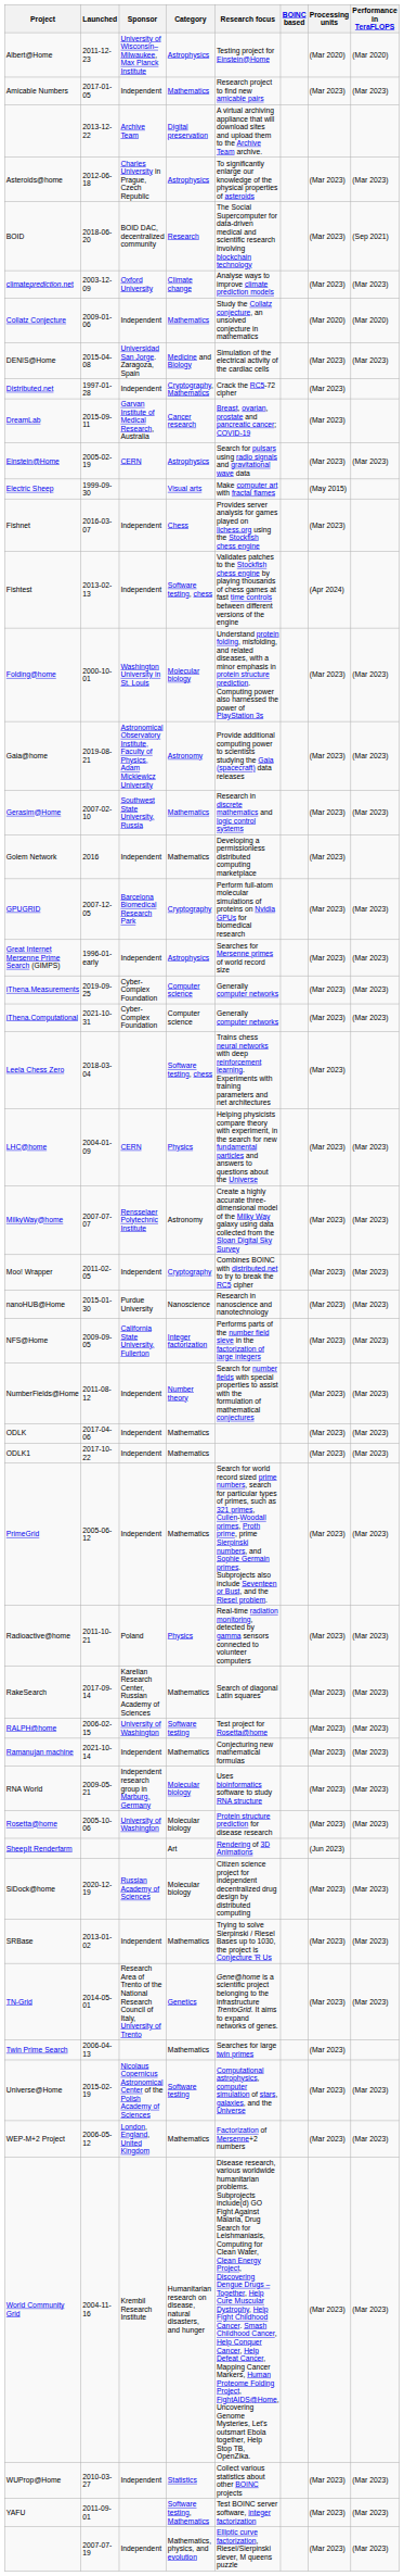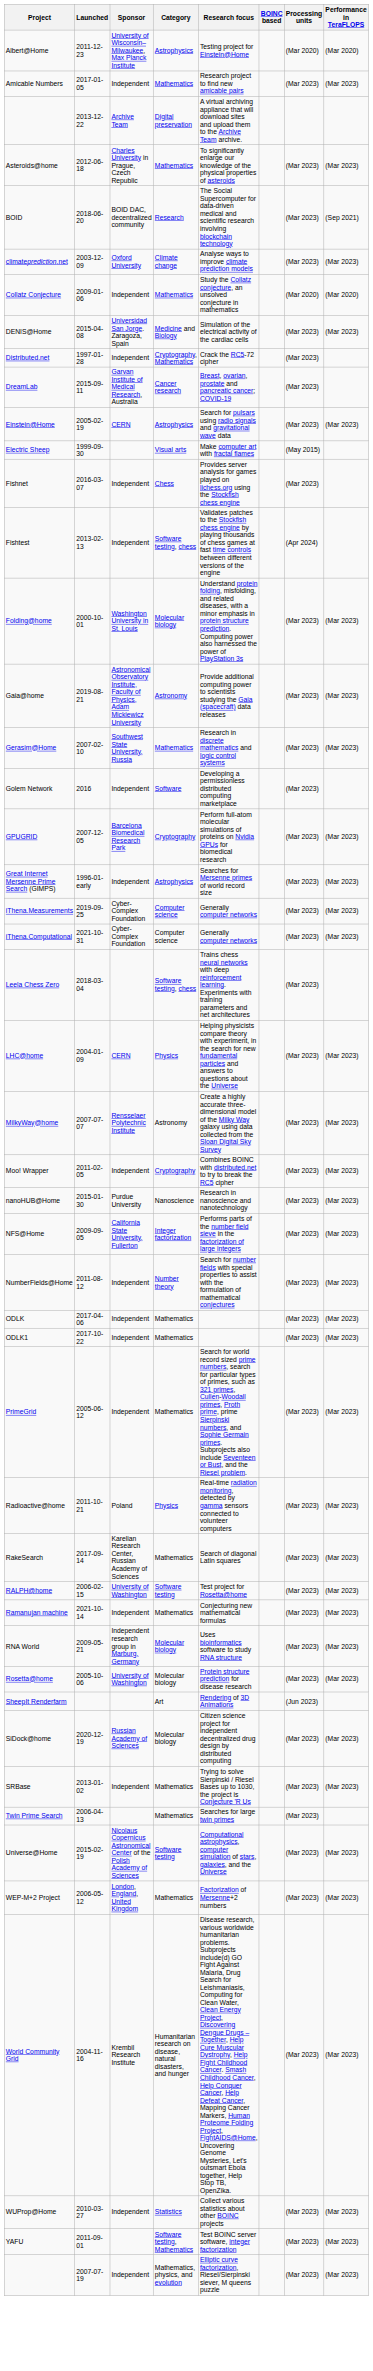 <table class="wikitable sortable" style="font-size: 90%; width: auto;">
 <tr>
 <th>Project</th>
 <th>Launched</th>
 <th>Sponsor</th>
 <th>Category</th>
 <th>Research focus</th>
 <th><a href='#'>BOINC</a> based</th>
 <th>Processing units</th>
 <th>Performance in <a href='#'>TeraFLOPS</a></th>
 </tr>
 <tr>
 <td>Albert@Home</td>
 <td>2011-12-23</td>
 <td><a href='#'>University of Wisconsin–Milwaukee</a>, <a href='#'>Max Planck Institute</a></td>
 <td><a href='#'>Astrophysics</a></td>
 <td>Testing project for <a href='#'>Einstein@Home</a></td>
 <td></td>
 <td> (Mar 2020)</td>
 <td> (Mar 2020)</td>
 </tr>
 <tr>
 <td>Amicable Numbers</td>
 <td>2017-01-05</td>
 <td>Independent</td>
 <td><a href='#'>Mathematics</a></td>
 <td find new amicable pairs>Research project to find new <a href='#'>amicable pairs</a></td>
 <td></td>
 <td> (Mar 2023)</td>
 <td> (Mar 2023)</td>
 </tr>
 <tr>
 <td></td>
 <td>2013-12-22</td>
 <td><a href='#'>Archive Team</a></td>
 <td><a href='#'>Digital preservation</a></td>
 <td>A virtual archiving appliance that will download sites and upload them to the <a href='#'>Archive Team</a> archive.</td>
 <td></td>
 <td></td>
 <td></td>
 </tr>
 <tr>
 <td>Asteroids@home</td>
 <td>2012-06-18</td>
 <td><a href='#'>Charles University</a> in Prague, Czech Republic</td>
-<td><a href='#'>Astrophysics</a></td>
+<td><a href='#'>Mathematics</a></td>
 <td>To significantly enlarge our knowledge of the physical properties of <a href='#'>asteroids</a></td>
 <td></td>
 <td> (Mar 2023)</td>
 <td> (Mar 2023)</td>
 </tr>
 <tr>
 <td>BOID</td>
 <td>2018-06-20</td>
 <td>BOID DAC, decentralized community</td>
 <td><a href='#'>Research</a></td>
 <td>The Social Supercomputer for data-driven medical and scientific research involving <a href='#'>blockchain technology</a></td>
 <td></td>
 <td> (Mar 2023)</td>
 <td> (Sep 2021)</td>
 </tr>
 <tr>
 <td><a href='#'>climate<em>prediction</em>.net</a></td>
 <td>2003-12-09</td>
 <td><a href='#'>Oxford University</a></td>
 <td><a href='#'>Climate change</a></td>
 <td>Analyse ways to improve <a href='#'>climate prediction models</a></td>
 <td></td>
 <td> (Mar 2023)</td>
 <td> (Mar 2023)</td>
 </tr>
 <tr>
 <td><a href='#'>Collatz Conjecture</a></td>
 <td>2009-01-06</td>
 <td>Independent</td>
 <td><a href='#'>Mathematics</a></td>
 <td>Study the <a href='#'>Collatz conjecture</a>, an unsolved conjecture in mathematics</td>
 <td></td>
 <td> (Mar 2020)</td>
 <td> (Mar 2020)</td>
 </tr>
 <tr>
 <td>DENIS@Home</td>
 <td>2015-04-08</td>
 <td><a href='#'>Universidad San Jorge</a>. Zaragoza, Spain</td>
 <td><a href='#'>Medicine</a> and <a href='#'>Biology</a></td>
 <td>Simulation of the electrical activity of the cardiac cells</td>
 <td></td>
 <td> (Mar 2023)</td>
 <td> (Mar 2023)</td>
 </tr>
 <tr>
 <td><a href='#'>Distributed.net</a></td>
 <td>1997-01-28</td>
 <td>Independent</td>
 <td><a href='#'>Cryptography</a>, <a href='#'>Mathematics</a></td>
 <td>Crack the <a href='#'>RC5</a>-72 cipher</td>
 <td></td>
 <td> (Mar 2023)</td>
 <td></td>
 </tr>
 <tr>
 <td><a href='#'>DreamLab</a></td>
 <td>2015-09-11</td>
 <td><a href='#'>Garvan Institute of Medical Research</a>, Australia</td>
 <td><a href='#'>Cancer research</a></td>
 <td><a href='#'>Breast</a>, <a href='#'>ovarian</a>, <a href='#'>prostate</a> and <a href='#'>pancreatic cancer</a>; <a href='#'>COVID-19</a></td>
 <td></td>
 <td> (Mar 2023)</td>
 <td></td>
 </tr>
 <tr>
 <td><a href='#'>Einstein@Home</a></td>
 <td>2005-02-19</td>
 <td><a href='#'>CERN</a></td>
 <td><a href='#'>Astrophysics</a></td>
 <td>Search for <a href='#'>pulsars</a> using <a href='#'>radio signals</a> and <a href='#'>gravitational wave</a> data</td>
 <td></td>
 <td> (Mar 2023)</td>
 <td> (Mar 2023)</td>
 </tr>
 <tr>
 <td><a href='#'>Electric Sheep</a></td>
 <td>1999-09-30</td>
 <td></td>
 <td><a href='#'>Visual arts</a></td>
 <td>Make <a href='#'>computer art</a> with <a href='#'>fractal flames</a></td>
 <td></td>
 <td> (May 2015)</td>
 <td></td>
 </tr>
 <tr>
 <td>Fishnet</td>
 <td>2016-03-07</td>
 <td>Independent</td>
 <td><a href='#'>Chess</a></td>
 <td>Provides server analysis for games played on <a href='#'>lichess.org</a> using the <a href='#'>Stockfish chess engine</a></td>
 <td></td>
 <td> (Mar 2023)</td>
 <td></td>
 </tr>
 <tr>
 <td>Fishtest</td>
 <td>2013-02-13</td>
 <td>Independent</td>
 <td><a href='#'>Software testing</a>, <a href='#'>chess</a></td>
 <td>Validates patches to the <a href='#'>Stockfish chess engine</a> by playing thousands of chess games at fast <a href='#'>time controls</a> between different versions of the engine</td>
 <td></td>
 <td> (Apr 2024)</td>
 <td></td>
 </tr>
 <tr>
 <td><a href='#'>Folding@home</a></td>
 <td>2000-10-01</td>
 <td><a href='#'>Washington University in St. Louis</a></td>
 <td><a href='#'>Molecular biology</a></td>
 <td>Understand <a href='#'>protein folding</a>, misfolding, and related diseases, with a minor emphasis in <a href='#'>protein structure prediction</a>. Computing power also harnessed the power of <a href='#'>PlayStation 3s</a></td>
 <td></td>
 <td> (Mar 2023)</td>
 <td> (Mar 2023)</td>
 </tr>
 <tr>
 <td>Gaia@home</td>
 <td>2019-08-21</td>
 <td><a href='#'>Astronomical Observatory Institute, Faculty of Physics, Adam Mickiewicz University</a></td>
 <td><a href='#'>Astronomy</a></td>
 <td Provide additional computing power>Provide additional computing power to scientists studying the <a href='#'>Gaia (spacecraft)</a> data releases</td>
 <td></td>
 <td> (Mar 2023)</td>
 <td> (Mar 2023)</td>
 </tr>
 <tr>
 <td><a href='#'>Gerasim@Home</a></td>
 <td>2007-02-10</td>
 <td><a href='#'>Southwest State University, Russia</a></td>
 <td><a href='#'>Mathematics</a></td>
 <td>Research in <a href='#'>discrete mathematics</a> and <a href='#'>logic control systems</a></td>
 <td></td>
 <td> (Mar 2023)</td>
 <td> (Mar 2023)</td>
 </tr>
 <tr>
 <td>Golem Network</td>
 <td>2016</td>
 <td>Independent</td>
-<td>Mathematics</td>
+<td><a href='#'>Software</a></td>
 <td>Developing a permissionless distributed computing marketplace</td>
 <td></td>
 <td> (Mar 2023)</td>
 <td></td>
 </tr>
 <tr>
 <td><a href='#'>GPUGRID</a></td>
 <td>2007-12-05</td>
 <td><a href='#'>Barcelona Biomedical Research Park</a></td>
 <td><a href='#'>Cryptography</a></td>
 <td>Perform full-atom molecular simulations of proteins on <a href='#'>Nvidia</a> <a href='#'>GPUs</a> for biomedical research</td>
 <td></td>
 <td> (Mar 2023)</td>
 <td> (Mar 2023)</td>
 </tr>
 <tr>
 <td><a href='#'>Great Internet Mersenne Prime Search</a> (GIMPS)</td>
 <td>1996-01-early</td>
 <td>Independent</td>
 <td><a href='#'>Astrophysics</a></td>
 <td>Searches for <a href='#'>Mersenne primes</a> of world record size</td>
 <td></td>
 <td> (Mar 2023)</td>
 <td> (Mar 2023)</td>
 </tr>
 <tr>
 <td><a href='#'>iThena.Measurements</a></td>
 <td>2019-09-25</td>
 <td>Cyber-Complex Foundation</td>
 <td><a href='#'>Computer science</a></td>
 <td>Generally <a href='#'>computer networks</a></td>
 <td></td>
 <td> (Mar 2023)</td>
 <td> (Mar 2023)</td>
 </tr>
 <tr>
 <td><a href='#'>iThena.Computational</a></td>
 <td>2021-10-31</td>
 <td>Cyber-Complex Foundation</td>
 <td>Computer science</td>
 <td>Generally <a href='#'>computer networks</a></td>
 <td></td>
 <td> (Mar 2023)</td>
 <td> (Mar 2023)</td>
 </tr>
 <tr>
 <td><a href='#'>Leela Chess Zero</a></td>
 <td>2018-03-04</td>
 <td></td>
 <td><a href='#'>Software testing</a>, <a href='#'>chess</a></td>
 <td>Trains chess <a href='#'>neural networks</a> with deep <a href='#'>reinforcement learning</a>. Experiments with training parameters and net architectures</td>
 <td></td>
 <td> (Mar 2023)</td>
 <td></td>
 </tr>
 <tr>
 <td><a href='#'>LHC@home</a></td>
 <td>2004-01-09</td>
 <td><a href='#'>CERN</a></td>
 <td><a href='#'>Physics</a></td>
 <td>Helping physicists compare theory with experiment, in the search for new <a href='#'>fundamental particles</a> and answers to questions about the <a href='#'>Universe</a></td>
 <td></td>
 <td> (Mar 2023)</td>
 <td> (Mar 2023)</td>
 </tr>
 <tr>
 <td><a href='#'>MilkyWay@home</a></td>
 <td>2007-07-07</td>
 <td><a href='#'>Rensselaer Polytechnic Institute</a></td>
 <td>Astronomy</td>
 <td>Create a highly accurate three-dimensional model of the <a href='#'>Milky Way</a> galaxy using data collected from the <a href='#'>Sloan Digital Sky Survey</a></td>
 <td></td>
 <td> (Mar 2023)</td>
 <td> (Mar 2023)</td>
 </tr>
 <tr>
 <td>Moo! Wrapper</td>
 <td>2011-02-05</td>
 <td>Independent</td>
 <td><a href='#'>Cryptography</a></td>
 <td>Combines BOINC with <a href='#'>distributed.net</a> to try to break the <a href='#'>RC5</a> cipher</td>
 <td></td>
 <td> (Mar 2023)</td>
 <td> (Mar 2023)</td>
 </tr>
 <tr>
 <td>nanoHUB@Home</td>
 <td>2015-01-30</td>
 <td>Purdue University</td>
 <td>Nanoscience</td>
 <td Research in nanoscience and nanotechnology>Research in nanoscience and nanotechnology</td>
 <td></td>
 <td> (Mar 2023)</td>
 <td> (Mar 2023)</td>
 </tr>
 <tr>
 <td>NFS@Home</td>
 <td>2009-09-05</td>
 <td><a href='#'>California State University, Fullerton</a></td>
 <td><a href='#'>Integer factorization</a></td>
 <td>Performs parts of the <a href='#'>number field sieve</a> in the <a href='#'>factorization of large integers</a></td>
 <td></td>
 <td> (Mar 2023)</td>
 <td> (Mar 2023)</td>
 </tr>
 <tr>
 <td>NumberFields@Home</td>
 <td>2011-08-12</td>
 <td>Independent</td>
 <td><a href='#'>Number theory</a></td>
 <td>Search for <a href='#'>number fields</a> with special properties to assist with the formulation of mathematical <a href='#'>conjectures</a></td>
 <td></td>
 <td> (Mar 2023)</td>
 <td> (Mar 2023)</td>
 </tr>
 <tr>
 <td>ODLK</td>
 <td>2017-04-06</td>
 <td>Independent</td>
 <td>Mathematics</td>
 <td></td>
 <td></td>
 <td> (Mar 2023)</td>
 <td> (Mar 2023)</td>
 </tr>
 <tr>
 <td>ODLK1</td>
 <td>2017-10-22</td>
 <td>Independent</td>
 <td>Mathematics</td>
 <td></td>
 <td></td>
 <td> (Mar 2023)</td>
 <td> (Mar 2023)</td>
 </tr>
 <tr>
 <td><a href='#'>PrimeGrid</a></td>
 <td>2005-06-12</td>
 <td>Independent</td>
 <td>Mathematics</td>
 <td>Search for world record sized <a href='#'>prime numbers</a>, search for particular types of primes, such as <a href='#'>321 primes</a>, <a href='#'>Cullen</a>-<a href='#'>Woodall primes</a>, <a href='#'>Proth prime</a>, prime <a href='#'>Sierpinski numbers</a>, and <a href='#'>Sophie Germain primes</a>. Subprojects also include <a href='#'>Seventeen or Bust</a>, and the <a href='#'>Riesel problem</a>.</td>
 <td></td>
 <td> (Mar 2023)</td>
 <td> (Mar 2023)</td>
 </tr>
 <tr>
 <td>Radioactive@home</td>
 <td>2011-10-21</td>
 <td>Poland</td>
 <td><a href='#'>Physics</a></td>
 <td>Real-time <a href='#'>radiation monitoring</a>, detected by <a href='#'>gamma</a> sensors connected to volunteer computers</td>
 <td></td>
 <td> (Mar 2023)</td>
 <td> (Mar 2023)</td>
 </tr>
 <tr>
 <td>RakeSearch</td>
 <td>2017-09-14</td>
 <td>Karelian Research Center, Russian Academy of Sciences</td>
 <td>Mathematics</td>
 <td>Search of diagonal Latin squares</td>
 <td></td>
 <td> (Mar 2023)</td>
 <td> (Mar 2023)</td>
 </tr>
 <tr>
 <td><a href='#'>RALPH@home</a></td>
 <td>2006-02-15</td>
 <td><a href='#'>University of Washington</a></td>
 <td><a href='#'>Software testing</a></td>
 <td>Test project for <a href='#'>Rosetta@home</a></td>
 <td></td>
 <td> (Mar 2023)</td>
 <td> (Mar 2023)</td>
 </tr>
 <tr>
 <td><a href='#'>Ramanujan machine</a></td>
 <td>2021-10-14</td>
 <td>Independent</td>
 <td>Mathematics</td>
 <td>Conjecturing new mathematical formulas</td>
 <td></td>
 <td> (Mar 2023)</td>
 <td> (Mar 2023)</td>
 </tr>
 <tr>
 <td>RNA World</td>
 <td>2009-05-21</td>
 <td>Independent research group in <a href='#'>Marburg, Germany</a></td>
 <td><a href='#'>Molecular biology</a></td>
 <td>Uses <a href='#'>bioinformatics</a> software to study <a href='#'>RNA structure</a></td>
 <td></td>
 <td> (Mar 2023)</td>
 <td> (Mar 2023)</td>
 </tr>
 <tr>
 <td><a href='#'>Rosetta@home</a></td>
 <td>2005-10-06</td>
 <td><a href='#'>University of Washington</a></td>
 <td>Molecular biology</td>
 <td><a href='#'>Protein structure prediction</a> for disease research</td>
 <td></td>
 <td> (Mar 2023)</td>
 <td> (Mar 2023)</td>
 </tr>
 <tr>
 <td><a href='#'>SheepIt Renderfarm</a></td>
 <td></td>
 <td></td>
 <td>Art</td>
 <td><a href='#'>Rendering</a> of <a href='#'>3D Animations</a></td>
 <td></td>
 <td> (Jun 2023)</td>
 <td></td>
 </tr>
 <tr>
 <td>SiDock@home</td>
 <td>2020-12-19</td>
 <td><a href='#'>Russian Academy of Sciences</a></td>
 <td>Molecular biology</td>
 <td>Citizen science project for independent decentralized drug design by distributed computing</td>
 <td></td>
 <td> (Mar 2023)</td>
 <td> (Mar 2023)</td>
 </tr>
 <tr>
 <td>SRBase</td>
 <td>2013-01-02</td>
 <td>Independent</td>
 <td>Mathematics</td>
 <td Trying to solve Sierpinski / Riesel Bases up to 1030>Trying to solve Sierpinski / Riesel Bases up to 1030, the project is <a href='#'>Conjecture 'R Us</a></td>
 <td></td>
 <td> (Mar 2023)</td>
 <td> (Mar 2023)</td>
 </tr>
 <tr>
-<td><a href='#'>TN-Grid</a></td>
-<td>2014-05-01</td>
-<td>Research Area of Trento of the National Research Council of Italy, <a href='#'>University of Trento</a></td>
-<td><a href='#'>Genetics</a></td>
-<td><em>Gene@home</em> is a scientific project belonging to the infrastructure <em>TrentoGrid</em>. It aims to expand networks of genes.</td>
-<td></td>
-<td> (Mar 2023)</td>
-<td> (Mar 2023)</td>
-</tr>
-<tr>
 <td><a href='#'>Twin Prime Search</a></td>
 <td>2006-04-13</td>
 <td></td>
 <td>Mathematics</td>
 <td>Searches for large <a href='#'>twin primes</a></td>
 <td></td>
 <td> (Mar 2023)</td>
 <td></td>
 </tr>
 <tr>
 <td>Universe@Home</td>
 <td>2015-02-19</td>
 <td><a href='#'>Nicolaus Copernicus Astronomical Center</a> of the <a href='#'>Polish Academy of Sciences</a></td>
 <td><a href='#'>Software testing</a></td>
 <td><a href='#'>Computational astrophysics</a>, <a href='#'>computer simulation</a> of <a href='#'>stars</a>, <a href='#'>galaxies</a>, and the <a href='#'>Universe</a></td>
 <td></td>
 <td> (Mar 2023)</td>
 <td> (Mar 2023)</td>
 </tr>
 <tr>
 <td>WEP-M+2 Project</td>
 <td>2006-05-12</td>
 <td><a href='#'>London</a>, <a href='#'>England</a>, <a href='#'>United Kingdom</a></td>
 <td>Mathematics</td>
 <td><a href='#'>Factorization</a> of <a href='#'>Mersenne</a>+2 numbers</td>
 <td></td>
 <td> (Mar 2023)</td>
 <td> (Mar 2023)</td>
 </tr>
 <tr>
 <td><a href='#'>World Community Grid</a></td>
 <td>2004-11-16</td>
 <td>Krembil Research Institute</td>
 <td>Humanitarian research on disease, natural disasters, and hunger</td>
 <td>Disease research, various worldwide humanitarian problems. Subprojects include(d) GO Fight Against Malaria, Drug Search for Leishmaniasis, Computing for Clean Water, <a href='#'>Clean Energy Project</a>, <a href='#'>Discovering Dengue Drugs – Together</a>, <a href='#'>Help Cure Muscular Dystrophy</a>, <a href='#'>Help Fight Childhood Cancer</a>. <a href='#'>Smash Childhood Cancer</a>, <a href='#'>Help Conquer Cancer</a>, <a href='#'>Help Defeat Cancer</a>, Mapping Cancer Markers, <a href='#'>Human Proteome Folding Project</a>, <a href='#'>FightAIDS@Home</a>, Uncovering Genome Mysteries, Let's outsmart Ebola together, Help Stop TB, OpenZika.</td>
 <td></td>
 <td> (Mar 2023)</td>
 <td> (Mar 2023)</td>
 </tr>
 <tr>
 <td>WUProp@Home</td>
 <td>2010-03-27</td>
 <td>Independent</td>
 <td><a href='#'>Statistics</a></td>
 <td>Collect various statistics about other <a href='#'>BOINC</a> projects</td>
 <td></td>
 <td> (Mar 2023)</td>
 <td> (Mar 2023)</td>
 </tr>
 <tr>
 <td>YAFU</td>
 <td>2011-09-01</td>
 <td></td>
 <td><a href='#'>Software testing</a>, <a href='#'>Mathematics</a></td>
 <td>Test BOINC server software, <a href='#'>integer factorization</a></td>
 <td></td>
 <td> (Mar 2023)</td>
 <td> (Mar 2023)</td>
 </tr>
 <tr>
 <td></td>
 <td>2007-07-19</td>
 <td>Independent</td>
 <td>Mathematics, physics, and <a href='#'>evolution</a></td>
 <td><a href='#'>Elliptic curve factorization</a>, Riesel/Sierpinski siever, M queens puzzle</td>
 <td></td>
 <td> (Mar 2023)</td>
 <td> (Mar 2023)</td>
 </tr>
 </table>
